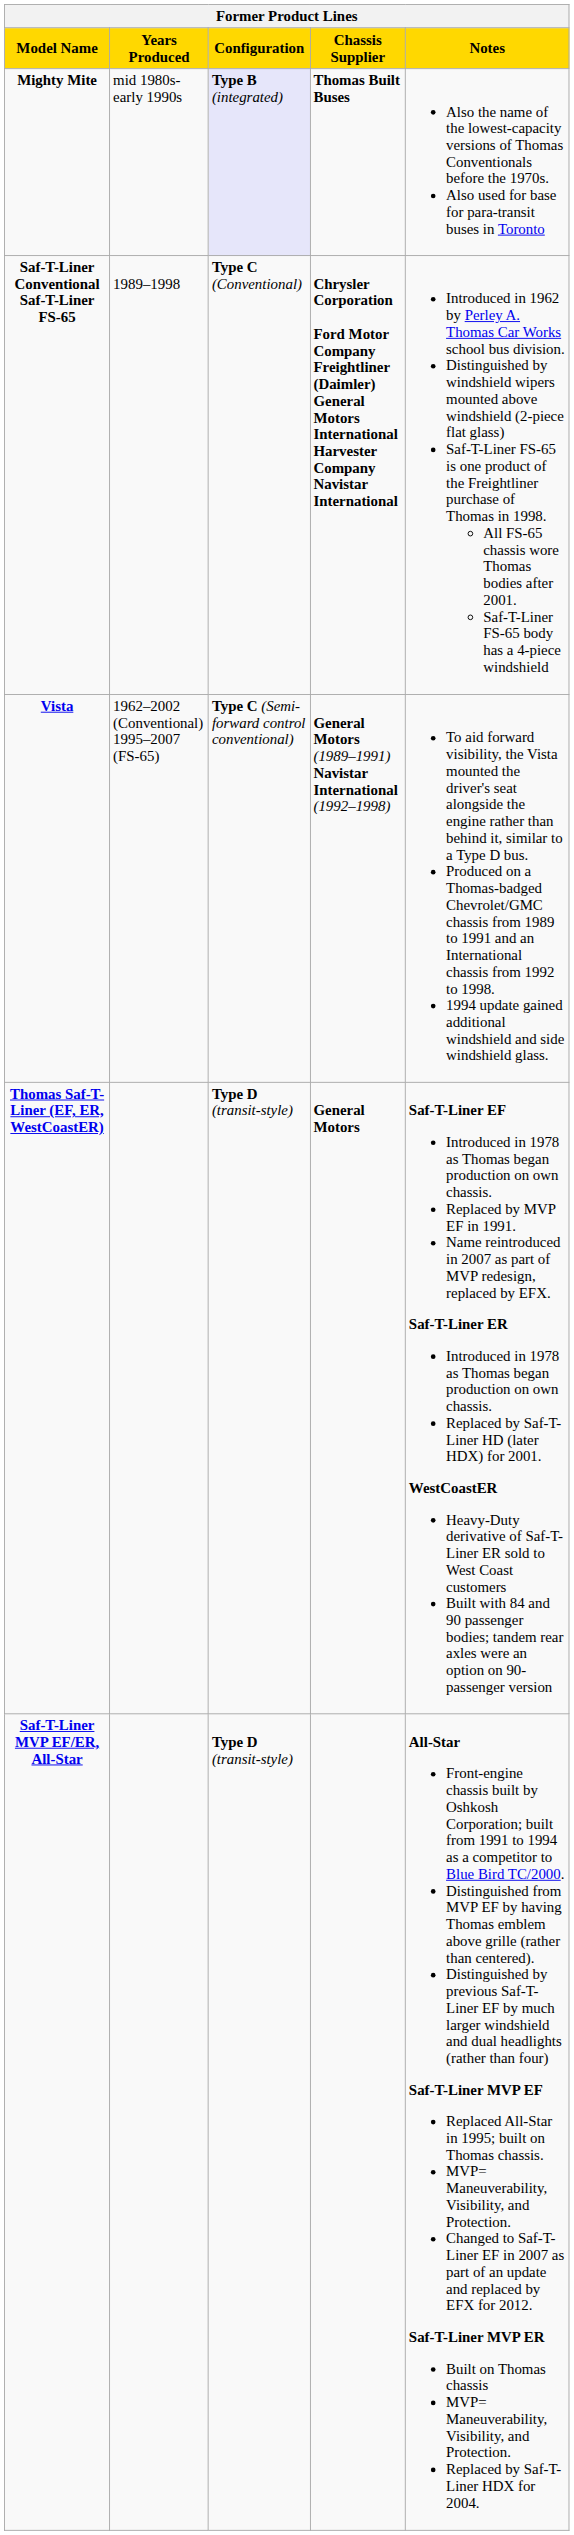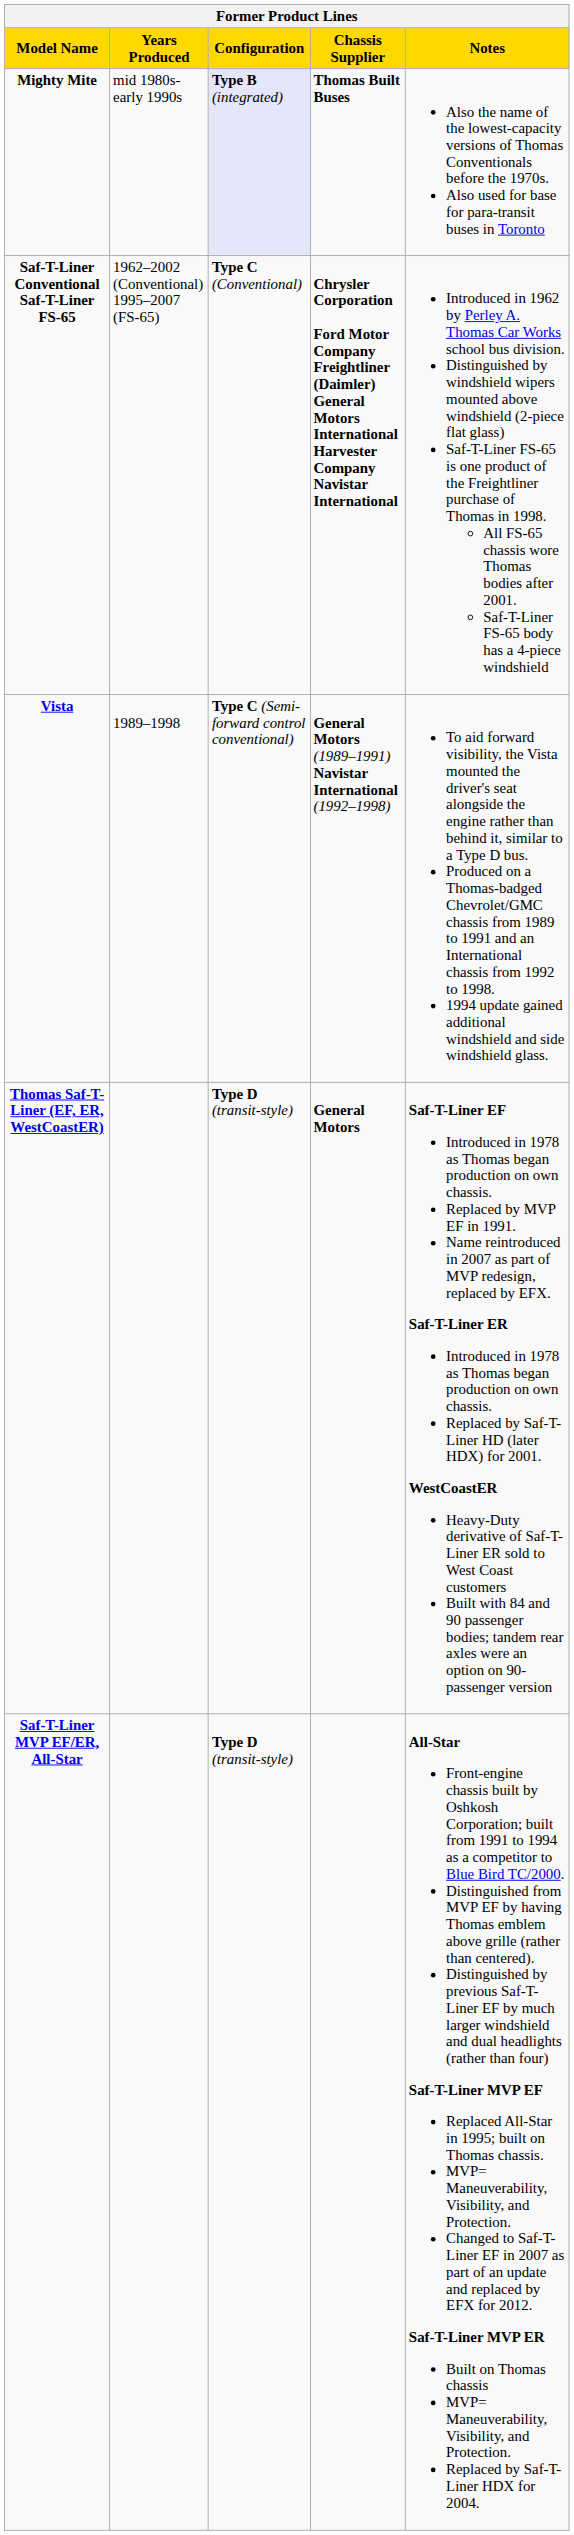 <table class="wikitable" style="text-align:justified">
 <tr>
 <th colspan=6>Former Product Lines</th>
 </tr>
 <tr>
 <th style="background:#FFD800;">Model Name</th>
 <th style="background:#FFD800;">Years Produced</th>
 <th style="background:#FFD800;">Configuration</th>
 <th style="background:#FFD800;">Chassis Supplier</th>
 <th style="background:#FFD800;">Notes</th>
 </tr>
 <tr valign=top>
 <td style="text-align:center"><strong>Mighty Mite</strong><br></td>
 <td>mid 1980s-early 1990s</td>
 <td style="background: lavender;"><strong>Type B</strong> <em>(integrated)</em></td>
 <td><strong>Thomas Built Buses</strong></td>
 <td><br><ul><li>Also the name of the lowest-capacity versions of Thomas Conventionals before the 1970s.</li><li>Also used for base for para-transit buses in <a href='#'>Toronto</a></li></ul></td>
 </tr>
 <tr valign=top>
 <td style="text-align:center"><strong>Saf-T-Liner Conventional</strong><br><strong>Saf-T-Liner FS-65</strong><br><br><br></td>
-<td><br>1989–1998</td>
+<td>1962–2002 (Conventional)<br>1995–2007 (FS-65)</td>
 <td><strong>Type C</strong> <em>(Conventional)</em></td>
 <td><br><strong>Chrysler Corporation</strong><br><br><strong>Ford Motor Company</strong> <br><strong>Freightliner</strong> <strong>(Daimler)</strong> <strong>General Motors</strong> <br><strong>International Harvester Company</strong><br><strong>Navistar International</strong> </td>
 <td><br><ul><li>Introduced in 1962 by <a href='#'>Perley A. Thomas Car Works</a> school bus division.</li><li>Distinguished by windshield wipers mounted above windshield (2-piece flat glass)</li><li>Saf-T-Liner FS-65 is one product of the Freightliner purchase of Thomas in 1998.<ul><li>All FS-65 chassis wore Thomas bodies after 2001.</li><li>Saf-T-Liner FS-65 body has a 4-piece windshield</li></ul></li></ul></td>
 </tr>
 <tr valign=top>
 <td style="text-align:center"><strong><a href='#'>Vista</a></strong><br></td>
-<td>1962–2002 (Conventional)<br>1995–2007 (FS-65)</td>
+<td><br>1989–1998</td>
 <td><strong>Type C</strong> <em>(Semi-forward control conventional)</em></td>
 <td><br><strong>General Motors</strong> <em>(1989–1991)</em><br><strong>Navistar International</strong> <em>(1992–1998)</em><br></td>
 <td><br><ul><li>To aid forward visibility, the Vista mounted the driver's seat alongside the engine rather than behind it, similar to a Type D bus.</li><li>Produced on a Thomas-badged Chevrolet/GMC chassis from 1989 to 1991 and an International chassis from 1992 to 1998.</li><li>1994 update gained additional windshield and side windshield glass.</li></ul></td>
 </tr>
 <tr valign=top>
 <td style="text-align:center"><strong><a href='#'>Thomas Saf-T-Liner (EF, ER, WestCoastER)</a> </strong><br> </td>
 <td><br></td>
 <td><strong>Type D</strong> <em>(transit-style)</em><br></td>
 <td><br><strong>General Motors</strong> </td>
 <td><br><strong>Saf-T-Liner EF</strong><ul><li>Introduced in 1978 as Thomas began production on own chassis.</li><li>Replaced by MVP EF in 1991.</li><li>Name reintroduced in 2007 as part of MVP redesign, replaced by EFX.</li></ul><strong>Saf-T-Liner ER</strong><ul><li>Introduced in 1978 as Thomas began production on own chassis.</li><li>Replaced by Saf-T-Liner HD (later HDX) for 2001.</li></ul><strong>WestCoastER</strong><ul><li>Heavy-Duty derivative of Saf-T-Liner ER sold to West Coast customers</li><li>Built with 84 and 90 passenger bodies; tandem rear axles were an option on 90-passenger version</li></ul></td>
 </tr>
 <tr valign=top>
 <td style="text-align:center"><strong><a href='#'>Saf-T-Liner MVP EF/ER, All-Star</a></strong><br></td>
 <td><br></td>
 <td><br><strong>Type D</strong> <em>(transit-style)</em> </td>
 <td><br></td>
 <td><br><strong>All-Star</strong><ul><li>Front-engine chassis built by Oshkosh Corporation; built from 1991 to 1994 as a competitor to <a href='#'>Blue Bird TC/2000</a>.</li><li>Distinguished from MVP EF by having Thomas emblem above grille (rather than centered).</li><li>Distinguished by previous Saf-T-Liner EF by much larger windshield and dual headlights (rather than four)</li></ul><strong>Saf-T-Liner MVP EF</strong><ul><li>Replaced All-Star in 1995; built on Thomas chassis.</li><li>MVP= Maneuverability, Visibility, and Protection.</li><li>Changed to Saf-T-Liner EF in 2007 as part of an update and replaced by EFX for 2012.</li></ul><strong>Saf-T-Liner MVP ER</strong><ul><li>Built on Thomas chassis</li><li>MVP= Maneuverability, Visibility, and Protection.</li><li>Replaced by Saf-T-Liner HDX for 2004.</li></ul></td>
 </tr>
 </table>
